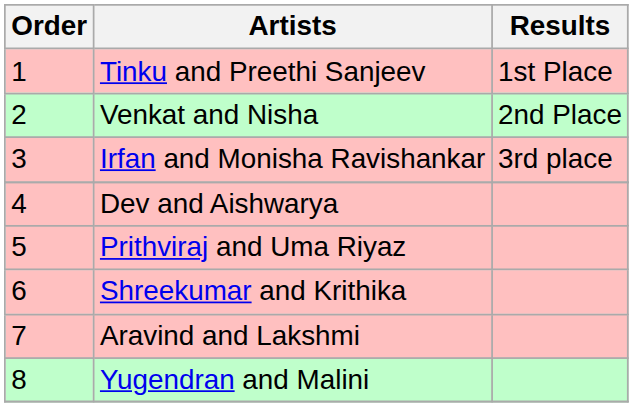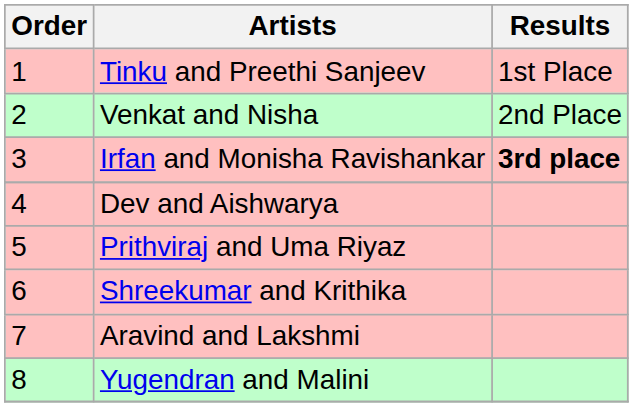 <table class="wikitable">
 <tr>
 <th>Order</th>
 <th>Artists</th>
 <th>Results</th>
 </tr>
 <tr>
 <td bgcolor="#FFC0C0">1</td>
 <td bgcolor="#FFC0C0"><a href='#'>Tinku</a> and Preethi Sanjeev</td>
 <td bgcolor="#FFC0C0">1st Place</td>
 </tr>
 <tr>
 <td bgcolor="#BFFFCB">2</td>
 <td bgcolor="#BFFFCB">Venkat and Nisha</td>
 <td bgcolor="#BFFFCB">2nd Place</td>
 </tr>
 <tr>
 <td bgcolor="#FFC0C0">3</td>
 <td bgcolor="#FFC0C0"><a href='#'>Irfan</a> and Monisha Ravishankar</td>
-<td bgcolor="#FFC0C0">3rd place</td>
+<td bgcolor="#FFC0C0"><strong>3rd place</strong></td>
 </tr>
 <tr>
 </tr>
 <tr>
 <td bgcolor="#FFC0C0">4</td>
 <td bgcolor="#FFC0C0">Dev and Aishwarya</td>
 <td bgcolor="#FFC0C0"></td>
 </tr>
 <tr>
 <td bgcolor="#FFC0C0">5</td>
 <td bgcolor="#FFC0C0"><a href='#'>Prithviraj</a> and Uma Riyaz</td>
 <td bgcolor="#FFC0C0"></td>
 </tr>
 <tr>
 <td bgcolor="#FFC0C0">6</td>
 <td bgcolor="#FFC0C0"><a href='#'>Shreekumar</a> and Krithika</td>
 <td bgcolor="#FFC0C0"></td>
 </tr>
 <tr>
 <td bgcolor="#FFC0C0">7</td>
 <td bgcolor="#FFC0C0">Aravind and Lakshmi</td>
 <td bgcolor="#FFC0C0"></td>
 </tr>
 <tr>
 <td bgcolor="#BFFFCB">8</td>
 <td bgcolor="#BFFFCB"><a href='#'>Yugendran</a> and Malini</td>
 <td bgcolor="#BFFFCB"></td>
 </tr>
 <tr>
 </tr>
 </table>
